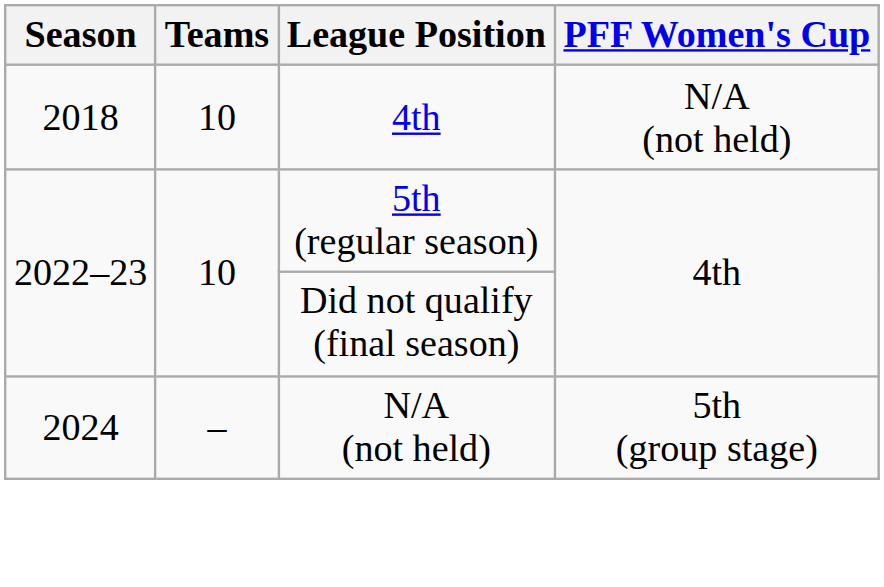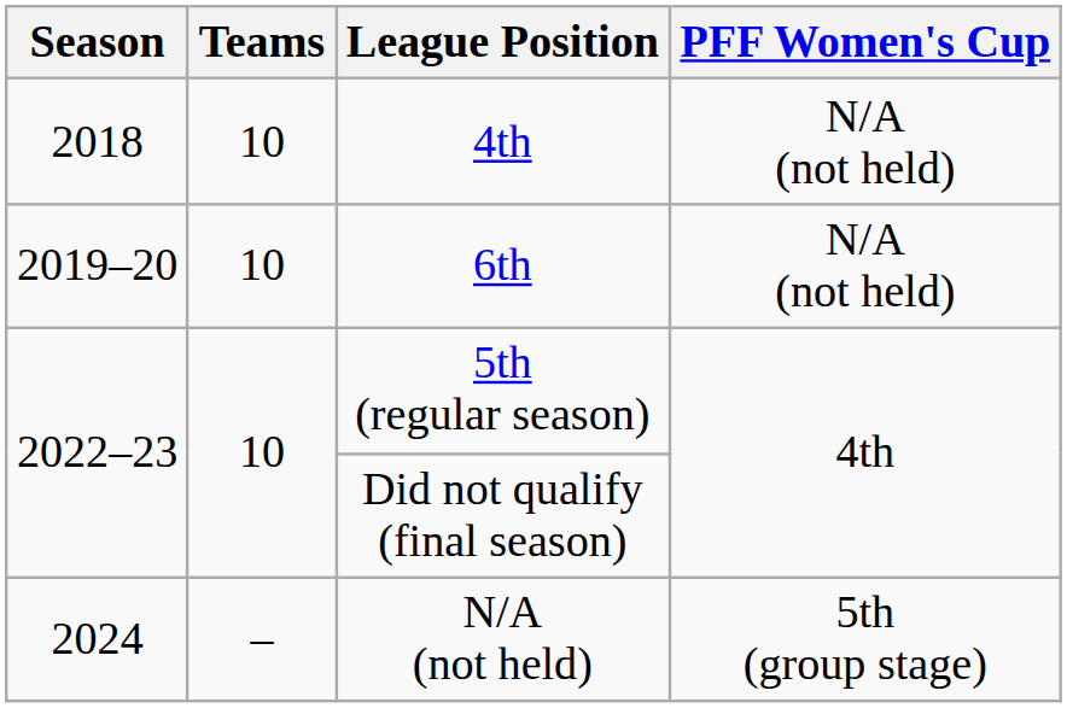 <table class="wikitable" style="text-align:center">
 <tr bgcolor="#efefef">
 <th>Season</th>
 <th>Teams</th>
 <th>League Position</th>
 <th><a href='#'>PFF Women's Cup</a></th>
 </tr>
 <tr>
 <td>2018</td>
 <td>10</td>
 <td><a href='#'>4th</a></td>
+<td>N/A<br>(not held)</td>
+</tr>
+<tr>
+<td>2019–20</td>
+<td>10</td>
+<td><a href='#'>6th</a></td>
 <td>N/A<br>(not held)</td>
 </tr>
 <tr>
 <td rowspan=2>2022–23</td>
 <td rowspan=2>10</td>
 <td style="text-align:center;"><a href='#'>5th</a><br>(regular season)</td>
 <td rowspan=2>4th</td>
 </tr>
 <tr>
 <td style="text-align:center;">Did not qualify<br>(final season)</td>
 </tr>
 <tr>
 <td>2024</td>
 <td>–</td>
 <td>N/A<br>(not held)</td>
 <td>5th<br>(group stage)</td>
 </tr>
 </table>
